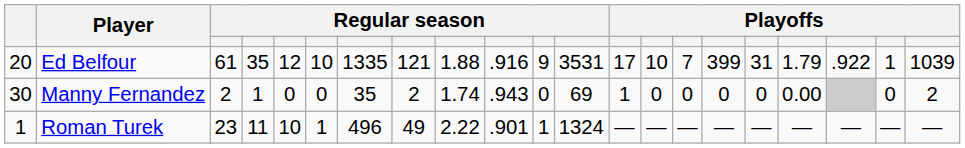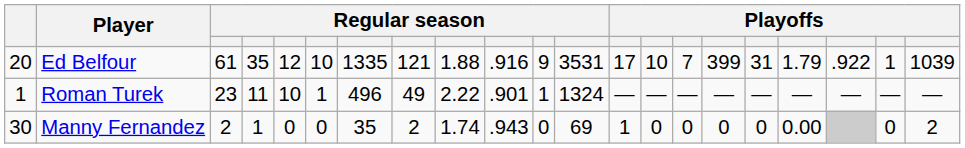 <table class="wikitable plainrowheaders" style="text-align:center;">
 <tr>
 <th scope="col" rowspan="2"></th>
 <th scope="col" rowspan="2">Player</th>
 <th scope=colgroup colspan=10>Regular season</th>
 <th scope=colgroup colspan=9>Playoffs</th>
 </tr>
 <tr>
 <th scope="col"></th>
 <th scope="col"></th>
 <th scope="col"></th>
 <th scope="col"></th>
 <th scope="col"></th>
 <th scope="col"></th>
 <th scope="col"></th>
 <th scope="col"></th>
 <th scope="col"></th>
 <th scope="col"></th>
 <th scope="col"></th>
 <th scope="col"></th>
 <th scope="col"></th>
 <th scope="col"></th>
 <th scope="col"></th>
 <th scope="col"></th>
 <th scope="col"></th>
 <th scope="col"></th>
 <th scope="col"></th>
 </tr>
 <tr>
 <td scope="row">20</td>
 <td align="left"><a href='#'>Ed Belfour</a></td>
 <td>61</td>
 <td>35</td>
 <td>12</td>
 <td>10</td>
 <td>1335</td>
 <td>121</td>
 <td>1.88</td>
 <td>.916</td>
 <td>9</td>
 <td>3531</td>
 <td>17</td>
 <td>10</td>
 <td>7</td>
 <td>399</td>
 <td>31</td>
 <td>1.79</td>
 <td>.922</td>
 <td>1</td>
 <td>1039</td>
 </tr>
 <tr>
+<td scope="row">1</td>
+<td align="left"><a href='#'>Roman Turek</a></td>
+<td>23</td>
+<td>11</td>
+<td>10</td>
+<td>1</td>
+<td>496</td>
+<td>49</td>
+<td>2.22</td>
+<td>.901</td>
+<td>1</td>
+<td>1324</td>
+<td>—</td>
+<td>—</td>
+<td>—</td>
+<td>—</td>
+<td>—</td>
+<td>—</td>
+<td>—</td>
+<td>—</td>
+<td>—</td>
+</tr>
+<tr>
 <td scope="row">30</td>
 <td align="left"><a href='#'>Manny Fernandez</a></td>
 <td>2</td>
 <td>1</td>
 <td>0</td>
 <td>0</td>
 <td>35</td>
 <td>2</td>
 <td>1.74</td>
 <td>.943</td>
 <td>0</td>
 <td>69</td>
 <td>1</td>
 <td>0</td>
 <td>0</td>
 <td>0</td>
 <td>0</td>
 <td>0.00</td>
 <td style="background:#ccc"></td>
 <td>0</td>
 <td>2</td>
 </tr>
-<tr>
-<td scope="row">1</td>
-<td align="left"><a href='#'>Roman Turek</a></td>
-<td>23</td>
-<td>11</td>
-<td>10</td>
-<td>1</td>
-<td>496</td>
-<td>49</td>
-<td>2.22</td>
-<td>.901</td>
-<td>1</td>
-<td>1324</td>
-<td>—</td>
-<td>—</td>
-<td>—</td>
-<td>—</td>
-<td>—</td>
-<td>—</td>
-<td>—</td>
-<td>—</td>
-<td>—</td>
-</tr>
 </table>
